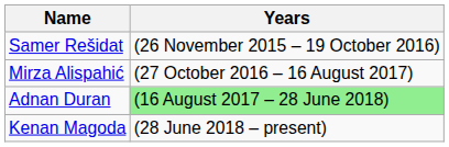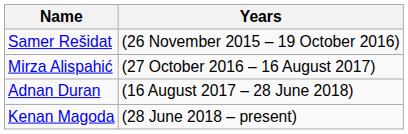 <table class="wikitable">
 <tr>
 <th>Name</th>
 <th>Years</th>
 </tr>
 <tr>
 <td><a href='#'>Samer Rešidat</a></td>
 <td>(26 November 2015 – 19 October 2016)</td>
 </tr>
 <tr>
 <td><a href='#'>Mirza Alispahić</a></td>
 <td>(27 October 2016 – 16 August 2017)</td>
 </tr>
 <tr>
 <td><a href='#'>Adnan Duran</a></td>
-<td style="background: lightgreen;">(16 August 2017 – 28 June 2018)</td>
+<td>(16 August 2017 – 28 June 2018)</td>
 </tr>
 <tr>
 <td><a href='#'>Kenan Magoda</a></td>
 <td>(28 June 2018 – present)</td>
 </tr>
 </table>
